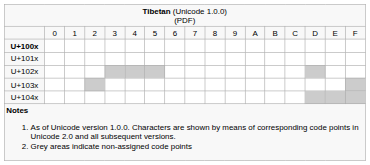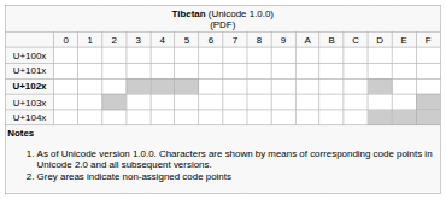 <table class="wikitable nounderlines" style="border-collapse:collapse;background:#FFFFFF;font-size:large;text-align:center">
 <tr>
 <td colspan="17" style="background:#F8F8F8;font-size:small"><strong>Tibetan</strong> (Unicode 1.0.0)<br> (PDF)</td>
 </tr>
 <tr style="background:#F8F8F8;font-size:small">
 <td style="width:45pt"> </td>
 <td style="width:20pt">0</td>
 <td style="width:20pt">1</td>
 <td style="width:20pt">2</td>
 <td style="width:20pt">3</td>
 <td style="width:20pt">4</td>
 <td style="width:20pt">5</td>
 <td style="width:20pt">6</td>
 <td style="width:20pt">7</td>
 <td style="width:20pt">8</td>
 <td style="width:20pt">9</td>
 <td style="width:20pt">A</td>
 <td style="width:20pt">B</td>
 <td style="width:20pt">C</td>
 <td style="width:20pt">D</td>
 <td style="width:20pt">E</td>
 <td style="width:20pt">F</td>
 </tr>
 <tr>
-<td style="background:#F8F8F8;font-size:small"><strong>U+100x</strong></td>
+<td style="background:#F8F8F8;font-size:small">U+100x</td>
 <td title="U+1000: TIBETAN LETTER KA"></td>
 <td title="U+1001: TIBETAN LETTER KHA"></td>
 <td title="U+1002: TIBETAN LETTER GA"></td>
 <td title="U+1003: TIBETAN LETTER NGA"></td>
 <td title="U+1004: TIBETAN LETTER CA"></td>
 <td title="U+1005: TIBETAN LETTER CHA"></td>
 <td title="U+1006: TIBETAN LETTER JA"></td>
 <td title="U+1007: TIBETAN LETTER NYA"></td>
 <td title="U+1008: TIBETAN LETTER REVERSED TA"></td>
 <td title="U+1009: TIBETAN LETTER REVERSED THA"></td>
 <td title="U+100A: TIBETAN LETTER REVERSED DA"></td>
 <td title="U+100B: TIBETAN LETTER REVERSED NA"></td>
 <td title="U+100C: TIBETAN LETTER TA"></td>
 <td title="U+100D: TIBETAN LETTER THA"></td>
 <td title="U+100E: TIBETAN LETTER DA"></td>
 <td title="U+100F: TIBETAN LETTER NA"></td>
 </tr>
 <tr>
 <td style="background:#F8F8F8;font-size:small">U+101x</td>
 <td title="U+1010: TIBETAN LETTER PA"></td>
 <td title="U+1011: TIBETAN LETTER PHA"></td>
 <td title="U+1012: TIBETAN LETTER BA"></td>
 <td title="U+1013: TIBETAN LETTER MA"></td>
 <td title="U+1014: TIBETAN LETTER TSA"></td>
 <td title="U+1015: TIBETAN LETTER TSHA"></td>
 <td title="U+1016: TIBETAN LETTER DZA"></td>
 <td title="U+1017: TIBETAN LETTER WA"></td>
 <td title="U+1018: TIBETAN LETTER ZHA"></td>
 <td title="U+1019: TIBETAN LETTER ZA"></td>
 <td title="U+101A: TIBETAN LETTER AA"></td>
 <td title="U+101B: TIBETAN LETTER YA"></td>
 <td title="U+101C: TIBETAN LETTER RA"></td>
 <td title="U+101D: TIBETAN LETTER LA"></td>
 <td title="U+101E: TIBETAN LETTER SHA"></td>
 <td title="U+101F: TIBETAN LETTER REVERSED SHA"></td>
 </tr>
 <tr>
-<td style="background:#F8F8F8;font-size:small">U+102x</td>
+<td style="background:#F8F8F8;font-size:small"><strong>U+102x</strong></td>
 <td title="U+1020: TIBETAN LETTER SA"></td>
 <td title="U+1021: TIBETAN LETTER HA"></td>
 <td title="U+1022: TIBETAN LETTER A"></td>
 <td title="Reserved" style="background-color:#CCCCCC;"></td>
 <td title="Reserved" style="background-color:#CCCCCC;"></td>
 <td title="Reserved" style="background-color:#CCCCCC;"></td>
 <td title="U+1026: TIBETAN VOWEL SIGN I"></td>
 <td title="U+1027: TIBETAN VOWEL SIGN SHORT I"></td>
 <td title="U+1028: TIBETAN VOWEL SIGN U"></td>
 <td title="U+1029: TIBETAN VOWEL SIGN E"></td>
 <td title="U+102A: TIBETAN VOWEL SIGN O"></td>
 <td title="U+102B: TIBETAN CHUCHENYIGE"></td>
 <td title="U+102C: TIBETAN VISARGA"></td>
 <td title="Reserved" style="background-color:#CCCCCC;"></td>
 <td title="U+102E: TIBETAN ANUSVARA"></td>
 <td title="U+102F: TIBETAN RIGHT BRACE"></td>
 </tr>
 <tr>
 <td style="background:#F8F8F8;font-size:small">U+103x</td>
 <td title="U+1030: TIBETAN UNDER RING"></td>
 <td title="U+1031: TIBETAN DITTO"></td>
 <td title="Reserved" style="background-color:#CCCCCC;"></td>
 <td title="U+1033: TIBETAN SINGLE ORNAMENT"></td>
 <td title="U+1034: TIBETAN SHAD"></td>
 <td title="U+1035: TIBETAN TSHEG"></td>
 <td title="U+1036: TIBETAN CANDRABINDU"></td>
 <td title="U+1037: TIBETAN CANDRABINDU WITH ORNAMENT"></td>
 <td title="U+1038: TIBETAN COMMA"></td>
 <td title="U+1039: TIBETAN MARK RINCHANPHUNGSHAD"></td>
 <td title="U+103A: TIBETAN MARK RGYANSHAD"></td>
 <td title="U+103B: TIBETAN MARK HONORIFIC UNDER RING"></td>
 <td title="U+103C: TIBETAN MARK LEFT BRACE"></td>
 <td title="U+103D: TIBETAN VOWEL SIGN AI"></td>
 <td title="U+103E: TIBETAN VOWEL SIGN AU"></td>
 <td title="Reserved" style="background-color:#CCCCCC;"></td>
 </tr>
 <tr>
 <td style="background:#F8F8F8;font-size:small">U+104x</td>
 <td title="U+1040: TIBETAN DIGIT ZERO"></td>
 <td title="U+1041: TIBETAN DIGIT ONE"></td>
 <td title="U+1042: TIBETAN DIGIT TWO"></td>
 <td title="U+1043: TIBETAN DIGIT THREE"></td>
 <td title="U+1044: TIBETAN DIGIT FOUR"></td>
 <td title="U+1045: TIBETAN DIGIT FIVE"></td>
 <td title="U+1046: TIBETAN DIGIT SIX"></td>
 <td title="U+1047: TIBETAN DIGIT SEVEN"></td>
 <td title="U+1048: TIBETAN DIGIT EIGHT"></td>
 <td title="U+1049: TIBETAN DIGIT NINE"></td>
 <td title="U+104A: TIBETAN DOUBLE SHAD"></td>
 <td title="U+104B: TIBETAN VIRAMA"></td>
 <td title="U+104C: TIBETAN LENITION MARK"></td>
 <td title="Reserved" style="background-color:#CCCCCC;"></td>
 <td title="Reserved" style="background-color:#CCCCCC;"></td>
 <td title="Reserved" style="background-color:#CCCCCC;"></td>
 </tr>
 <tr>
 <td colspan="17" style="background:#F8F8F8;font-size:small;text-align:left"><strong>Notes</strong><br><ol><li>As of Unicode version 1.0.0. Characters are shown by means of corresponding code points in Unicode 2.0 and all subsequent versions.</li><li>Grey areas indicate non-assigned code points</li></ol></td>
 </tr>
 </table>
